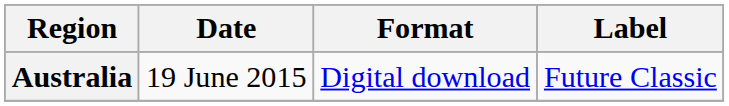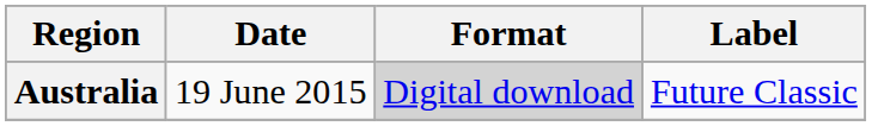 <table class="wikitable plainrowheaders">
 <tr>
 <th>Region</th>
 <th>Date</th>
 <th>Format</th>
 <th>Label</th>
 </tr>
 <tr>
 <th scope="row">Australia</th>
 <td>19 June 2015</td>
-<td><a href='#'>Digital download</a></td>
+<td style="background: lightgrey;"><a href='#'>Digital download</a></td>
 <td><a href='#'>Future Classic</a></td>
 </tr>
 <tr>
 </tr>
 </table>
